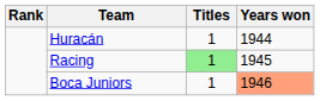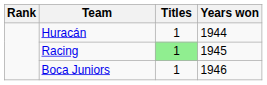 <table class="wikitable sortable" style="text-align:left" width=" ">
 <tr>
 <th>Rank</th>
 <th width=150px>Team</th>
 <th width=50px>Titles</th>
 <th width= px>Years won</th>
 </tr>
 <tr>
 <td rowspan="3"></td>
 <td><a href='#'>Huracán</a></td>
 <td align="center">1</td>
 <td>1944</td>
 </tr>
 <tr>
 <td><a href='#'>Racing</a></td>
 <td align="center" style="background: lightgreen;">1</td>
 <td>1945</td>
 </tr>
 <tr>
 <td><a href='#'>Boca Juniors</a></td>
 <td align="center">1</td>
-<td style="background: lightsalmon;">1946</td>
+<td>1946</td>
 </tr>
 </table>
